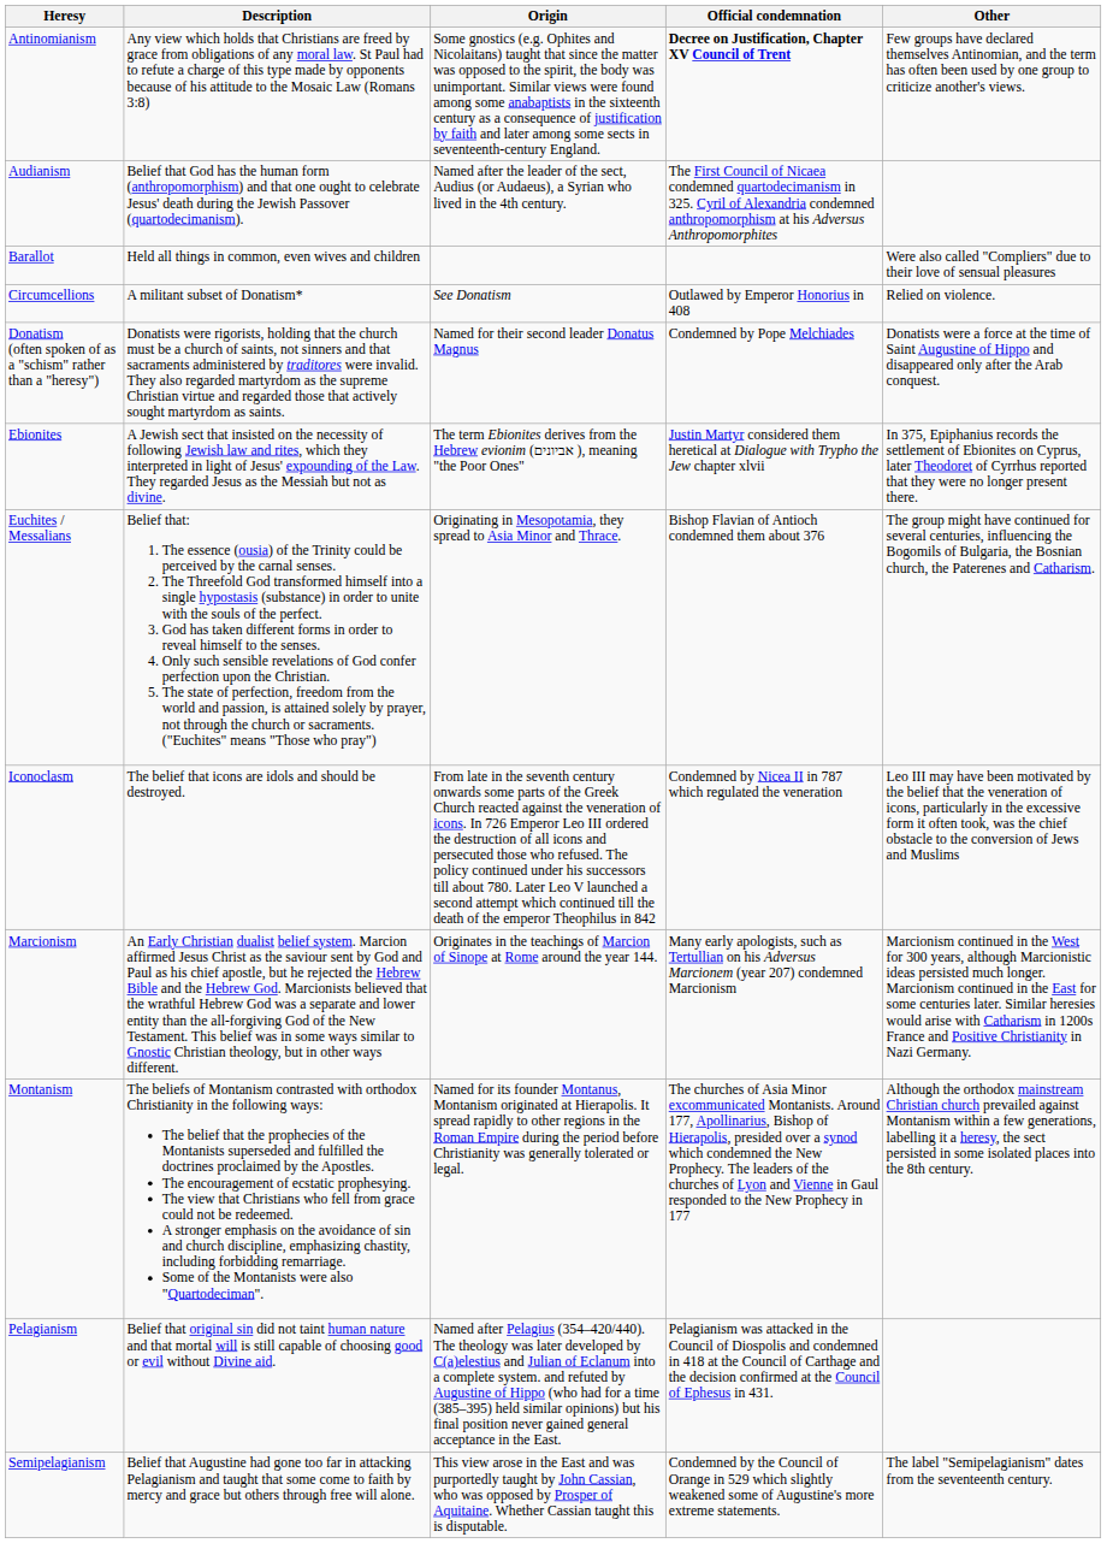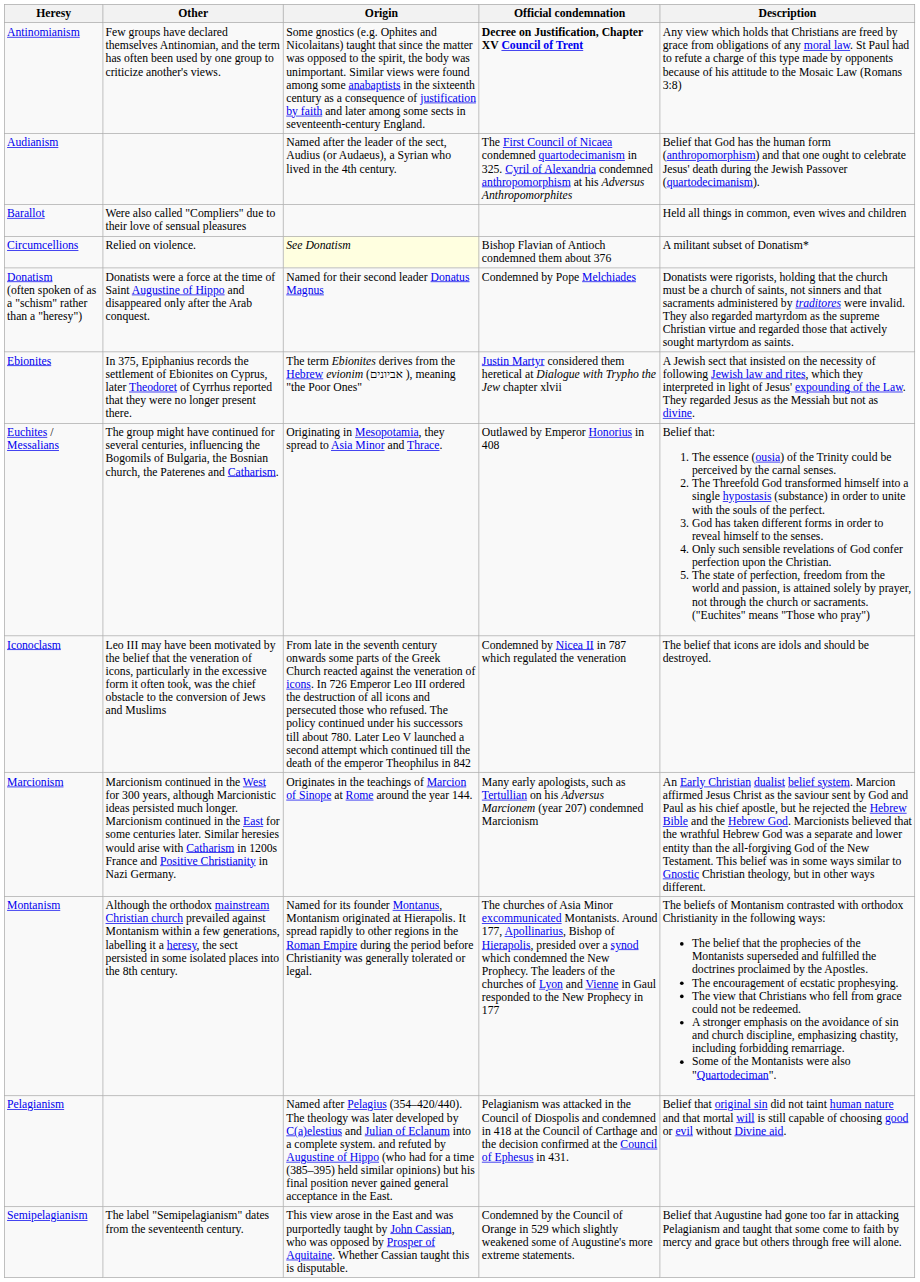 <table class="wikitable">
 <tr style="background:#ccc;">
 <th>Heresy</th>
-<th>Description</th>
+<th>Other</th>
 <th>Origin</th>
 <th>Official condemnation</th>
-<th>Other</th>
+<th>Description</th>
 </tr>
 <tr valign="top">
 <td><a href='#'>Antinomianism</a></td>
-<td>Any view which holds that Christians are freed by grace from obligations of any <a href='#'>moral law</a>. St Paul had to refute a charge of this type made by opponents because of his attitude to the Mosaic Law (Romans 3:8)</td>
+<td>Few groups have declared themselves Antinomian, and the term has often been used by one group to criticize another's views.</td>
 <td>Some gnostics (e.g. Ophites and Nicolaitans) taught that since the matter was opposed to the spirit, the body was unimportant. Similar views were found among some <a href='#'>anabaptists</a> in the sixteenth century as a consequence of <a href='#'>justification by faith</a> and later among some sects in seventeenth-century England.</td>
 <td><strong>Decree on Justification, Chapter XV <a href='#'>Council of Trent</a></strong></td>
-<td>Few groups have declared themselves Antinomian, and the term has often been used by one group to criticize another's views.</td>
+<td>Any view which holds that Christians are freed by grace from obligations of any <a href='#'>moral law</a>. St Paul had to refute a charge of this type made by opponents because of his attitude to the Mosaic Law (Romans 3:8)</td>
 </tr>
 <tr valign="top">
 <td><a href='#'>Audianism</a></td>
-<td>Belief that God has the human form (<a href='#'>anthropomorphism</a>) and that one ought to celebrate Jesus' death during the Jewish Passover (<a href='#'>quartodecimanism</a>).</td>
+<td></td>
 <td>Named after the leader of the sect, Audius (or Audaeus), a Syrian who lived in the 4th century.</td>
 <td>The <a href='#'>First Council of Nicaea</a> condemned <a href='#'>quartodecimanism</a> in 325. <a href='#'>Cyril of Alexandria</a> condemned <a href='#'>anthropomorphism</a> at his <em>Adversus Anthropomorphites</em></td>
-<td></td>
+<td>Belief that God has the human form (<a href='#'>anthropomorphism</a>) and that one ought to celebrate Jesus' death during the Jewish Passover (<a href='#'>quartodecimanism</a>).</td>
 </tr>
 <tr valign="top">
 <td><a href='#'>Barallot</a></td>
-<td>Held all things in common, even wives and children</td>
+<td>Were also called "Compliers" due to their love of sensual pleasures</td>
 <td></td>
 <td></td>
-<td>Were also called "Compliers" due to their love of sensual pleasures</td>
+<td>Held all things in common, even wives and children</td>
 </tr>
 <tr valign="top">
 <td><a href='#'>Circumcellions</a></td>
+<td>Relied on violence.</td>
+<td style="background: lightyellow;"><em>See Donatism</em></td>
+<td>Bishop Flavian of Antioch condemned them about 376</td>
 <td>A militant subset of Donatism*</td>
-<td><em>See Donatism</em></td>
-<td>Outlawed by Emperor <a href='#'>Honorius</a> in 408</td>
-<td>Relied on violence.</td>
 </tr>
 <tr valign="top">
 <td><a href='#'>Donatism</a> <br>(often spoken of as a "schism" rather than a "heresy")</td>
-<td>Donatists were rigorists, holding that the church must be a church of saints, not sinners and that sacraments administered by <em><a href='#'>traditores</a></em> were invalid. They also regarded martyrdom as the supreme Christian virtue and regarded those that actively sought martyrdom as saints.</td>
+<td>Donatists were a force at the time of Saint <a href='#'>Augustine of Hippo</a> and disappeared only after the Arab conquest.</td>
 <td>Named for their second leader <a href='#'>Donatus Magnus</a></td>
 <td>Condemned by Pope <a href='#'>Melchiades</a></td>
-<td>Donatists were a force at the time of Saint <a href='#'>Augustine of Hippo</a> and disappeared only after the Arab conquest.</td>
+<td>Donatists were rigorists, holding that the church must be a church of saints, not sinners and that sacraments administered by <em><a href='#'>traditores</a></em> were invalid. They also regarded martyrdom as the supreme Christian virtue and regarded those that actively sought martyrdom as saints.</td>
 </tr>
 <tr valign="top">
 <td><a href='#'>Ebionites</a></td>
-<td>A Jewish sect that insisted on the necessity of following <a href='#'>Jewish law and rites</a>, which they interpreted in light of Jesus' <a href='#'>expounding of the Law</a>. They regarded Jesus as the Messiah but not as <a href='#'>divine</a>.</td>
+<td>In 375, Epiphanius records the settlement of Ebionites on Cyprus, later <a href='#'>Theodoret</a> of Cyrrhus reported that they were no longer present there.</td>
 <td>The term <em>Ebionites</em> derives from the <a href='#'>Hebrew</a> <em>evionim</em> (אביונים ), meaning "the Poor Ones"</td>
 <td><a href='#'>Justin Martyr</a> considered them heretical at <em>Dialogue with Trypho the Jew</em> chapter xlvii</td>
-<td>In 375, Epiphanius records the settlement of Ebionites on Cyprus, later <a href='#'>Theodoret</a> of Cyrrhus reported that they were no longer present there.</td>
+<td>A Jewish sect that insisted on the necessity of following <a href='#'>Jewish law and rites</a>, which they interpreted in light of Jesus' <a href='#'>expounding of the Law</a>. They regarded Jesus as the Messiah but not as <a href='#'>divine</a>.</td>
 </tr>
 <tr valign="top">
 <td><a href='#'>Euchites</a> / <a href='#'>Messalians</a></td>
+<td>The group might have continued for several centuries, influencing the Bogomils of Bulgaria, the Bosnian church, the Paterenes and <a href='#'>Catharism</a>.</td>
+<td>Originating in <a href='#'>Mesopotamia</a>, they spread to <a href='#'>Asia Minor</a> and <a href='#'>Thrace</a>.</td>
+<td>Outlawed by Emperor <a href='#'>Honorius</a> in 408</td>
 <td>Belief that:<br><ol><li>The essence (<a href='#'>ousia</a>) of the Trinity could be perceived by the carnal senses.</li><li>The Threefold God transformed himself into a single <a href='#'>hypostasis</a> (substance) in order to unite with the souls of the perfect.</li><li>God has taken different forms in order to reveal himself to the senses.</li><li>Only such sensible revelations of God confer perfection upon the Christian.</li><li>The state of perfection, freedom from the world and passion, is attained solely by prayer, not through the church or sacraments. ("Euchites" means "Those who pray")</li></ol></td>
-<td>Originating in <a href='#'>Mesopotamia</a>, they spread to <a href='#'>Asia Minor</a> and <a href='#'>Thrace</a>.</td>
-<td>Bishop Flavian of Antioch condemned them about 376</td>
-<td>The group might have continued for several centuries, influencing the Bogomils of Bulgaria, the Bosnian church, the Paterenes and <a href='#'>Catharism</a>.</td>
 </tr>
 <tr valign="top">
 <td><a href='#'>Iconoclasm</a></td>
-<td>The belief that icons are idols and should be destroyed.</td>
+<td>Leo III may have been motivated by the belief that the veneration of icons, particularly in the excessive form it often took, was the chief obstacle to the conversion of Jews and Muslims</td>
 <td>From late in the seventh century onwards some parts of the Greek Church reacted against the veneration of <a href='#'>icons</a>. In 726 Emperor Leo III ordered the destruction of all icons and persecuted those who refused. The policy continued under his successors till about 780. Later Leo V launched a second attempt which continued till the death of the emperor Theophilus in 842</td>
 <td>Condemned by <a href='#'>Nicea II</a> in 787 which regulated the veneration</td>
-<td>Leo III may have been motivated by the belief that the veneration of icons, particularly in the excessive form it often took, was the chief obstacle to the conversion of Jews and Muslims</td>
+<td>The belief that icons are idols and should be destroyed.</td>
 </tr>
 <tr valign="top">
 <td><a href='#'>Marcionism</a></td>
-<td>An <a href='#'>Early Christian</a> <a href='#'>dualist</a> <a href='#'>belief system</a>. Marcion affirmed Jesus Christ as the saviour sent by God and Paul as his chief apostle, but he rejected the <a href='#'>Hebrew Bible</a> and the <a href='#'>Hebrew God</a>. Marcionists believed that the wrathful Hebrew God was a separate and lower entity than the all-forgiving God of the New Testament. This belief was in some ways similar to <a href='#'>Gnostic</a> Christian theology, but in other ways different.</td>
+<td>Marcionism continued in the <a href='#'>West</a> for 300 years, although Marcionistic ideas persisted much longer. Marcionism continued in the <a href='#'>East</a> for some centuries later. Similar heresies would arise with <a href='#'>Catharism</a> in 1200s France and <a href='#'>Positive Christianity</a> in Nazi Germany.</td>
 <td>Originates in the teachings of <a href='#'>Marcion of Sinope</a> at <a href='#'>Rome</a> around the year 144.</td>
 <td>Many early apologists, such as <a href='#'>Tertullian</a> on his <em>Adversus Marcionem</em> (year 207) condemned Marcionism</td>
-<td>Marcionism continued in the <a href='#'>West</a> for 300 years, although Marcionistic ideas persisted much longer. Marcionism continued in the <a href='#'>East</a> for some centuries later. Similar heresies would arise with <a href='#'>Catharism</a> in 1200s France and <a href='#'>Positive Christianity</a> in Nazi Germany.</td>
+<td>An <a href='#'>Early Christian</a> <a href='#'>dualist</a> <a href='#'>belief system</a>. Marcion affirmed Jesus Christ as the saviour sent by God and Paul as his chief apostle, but he rejected the <a href='#'>Hebrew Bible</a> and the <a href='#'>Hebrew God</a>. Marcionists believed that the wrathful Hebrew God was a separate and lower entity than the all-forgiving God of the New Testament. This belief was in some ways similar to <a href='#'>Gnostic</a> Christian theology, but in other ways different.</td>
 </tr>
 <tr valign="top">
 <td><a href='#'>Montanism</a></td>
-<td>The beliefs of Montanism contrasted with orthodox Christianity in the following ways:<br><ul><li>The belief that the prophecies of the Montanists superseded and fulfilled the doctrines proclaimed by the Apostles.</li><li>The encouragement of ecstatic prophesying.</li><li>The view that Christians who fell from grace could not be redeemed.</li><li>A stronger emphasis on the avoidance of sin and church discipline, emphasizing chastity, including forbidding remarriage.</li><li>Some of the Montanists were also "<a href='#'>Quartodeciman</a>".</li></ul></td>
+<td>Although the orthodox <a href='#'>mainstream Christian church</a> prevailed against Montanism within a few generations, labelling it a <a href='#'>heresy</a>, the sect persisted in some isolated places into the 8th century.</td>
 <td>Named for its founder <a href='#'>Montanus</a>, Montanism originated at Hierapolis. It spread rapidly to other regions in the <a href='#'>Roman Empire</a> during the period before Christianity was generally tolerated or legal.</td>
 <td>The churches of Asia Minor <a href='#'>excommunicated</a> Montanists. Around 177, <a href='#'>Apollinarius</a>, Bishop of <a href='#'>Hierapolis</a>, presided over a <a href='#'>synod</a> which condemned the New Prophecy. The leaders of the churches of <a href='#'>Lyon</a> and <a href='#'>Vienne</a> in Gaul responded to the New Prophecy in 177</td>
-<td>Although the orthodox <a href='#'>mainstream Christian church</a> prevailed against Montanism within a few generations, labelling it a <a href='#'>heresy</a>, the sect persisted in some isolated places into the 8th century.</td>
+<td>The beliefs of Montanism contrasted with orthodox Christianity in the following ways:<br><ul><li>The belief that the prophecies of the Montanists superseded and fulfilled the doctrines proclaimed by the Apostles.</li><li>The encouragement of ecstatic prophesying.</li><li>The view that Christians who fell from grace could not be redeemed.</li><li>A stronger emphasis on the avoidance of sin and church discipline, emphasizing chastity, including forbidding remarriage.</li><li>Some of the Montanists were also "<a href='#'>Quartodeciman</a>".</li></ul></td>
 </tr>
 <tr valign="top">
 <td><a href='#'>Pelagianism</a></td>
-<td>Belief that <a href='#'>original sin</a> did not taint <a href='#'>human nature</a> and that mortal <a href='#'>will</a> is still capable of choosing <a href='#'>good</a> or <a href='#'>evil</a> without <a href='#'>Divine aid</a>.</td>
+<td></td>
 <td>Named after <a href='#'>Pelagius</a> (354–420/440). The theology was later developed by <a href='#'>C(a)elestius</a> and <a href='#'>Julian of Eclanum</a> into a complete system. and refuted by <a href='#'>Augustine of Hippo</a> (who had for a time (385–395) held similar opinions) but his final position never gained general acceptance in the East.</td>
 <td>Pelagianism was attacked in the Council of Diospolis and condemned in 418 at the Council of Carthage and the decision confirmed at the <a href='#'>Council of Ephesus</a> in 431.</td>
-<td></td>
+<td>Belief that <a href='#'>original sin</a> did not taint <a href='#'>human nature</a> and that mortal <a href='#'>will</a> is still capable of choosing <a href='#'>good</a> or <a href='#'>evil</a> without <a href='#'>Divine aid</a>.</td>
 </tr>
 <tr valign="top">
 <td><a href='#'>Semipelagianism</a></td>
-<td>Belief that Augustine had gone too far in attacking Pelagianism and taught that some come to faith by mercy and grace but others through free will alone.</td>
+<td>The label "Semipelagianism" dates from the seventeenth century.</td>
 <td>This view arose in the East and was purportedly taught by <a href='#'>John Cassian</a>, who was opposed by <a href='#'>Prosper of Aquitaine</a>. Whether Cassian taught this is disputable.</td>
 <td>Condemned by the Council of Orange in 529 which slightly weakened some of Augustine's more extreme statements.</td>
-<td>The label "Semipelagianism" dates from the seventeenth century.</td>
+<td>Belief that Augustine had gone too far in attacking Pelagianism and taught that some come to faith by mercy and grace but others through free will alone.</td>
 </tr>
 </table>
